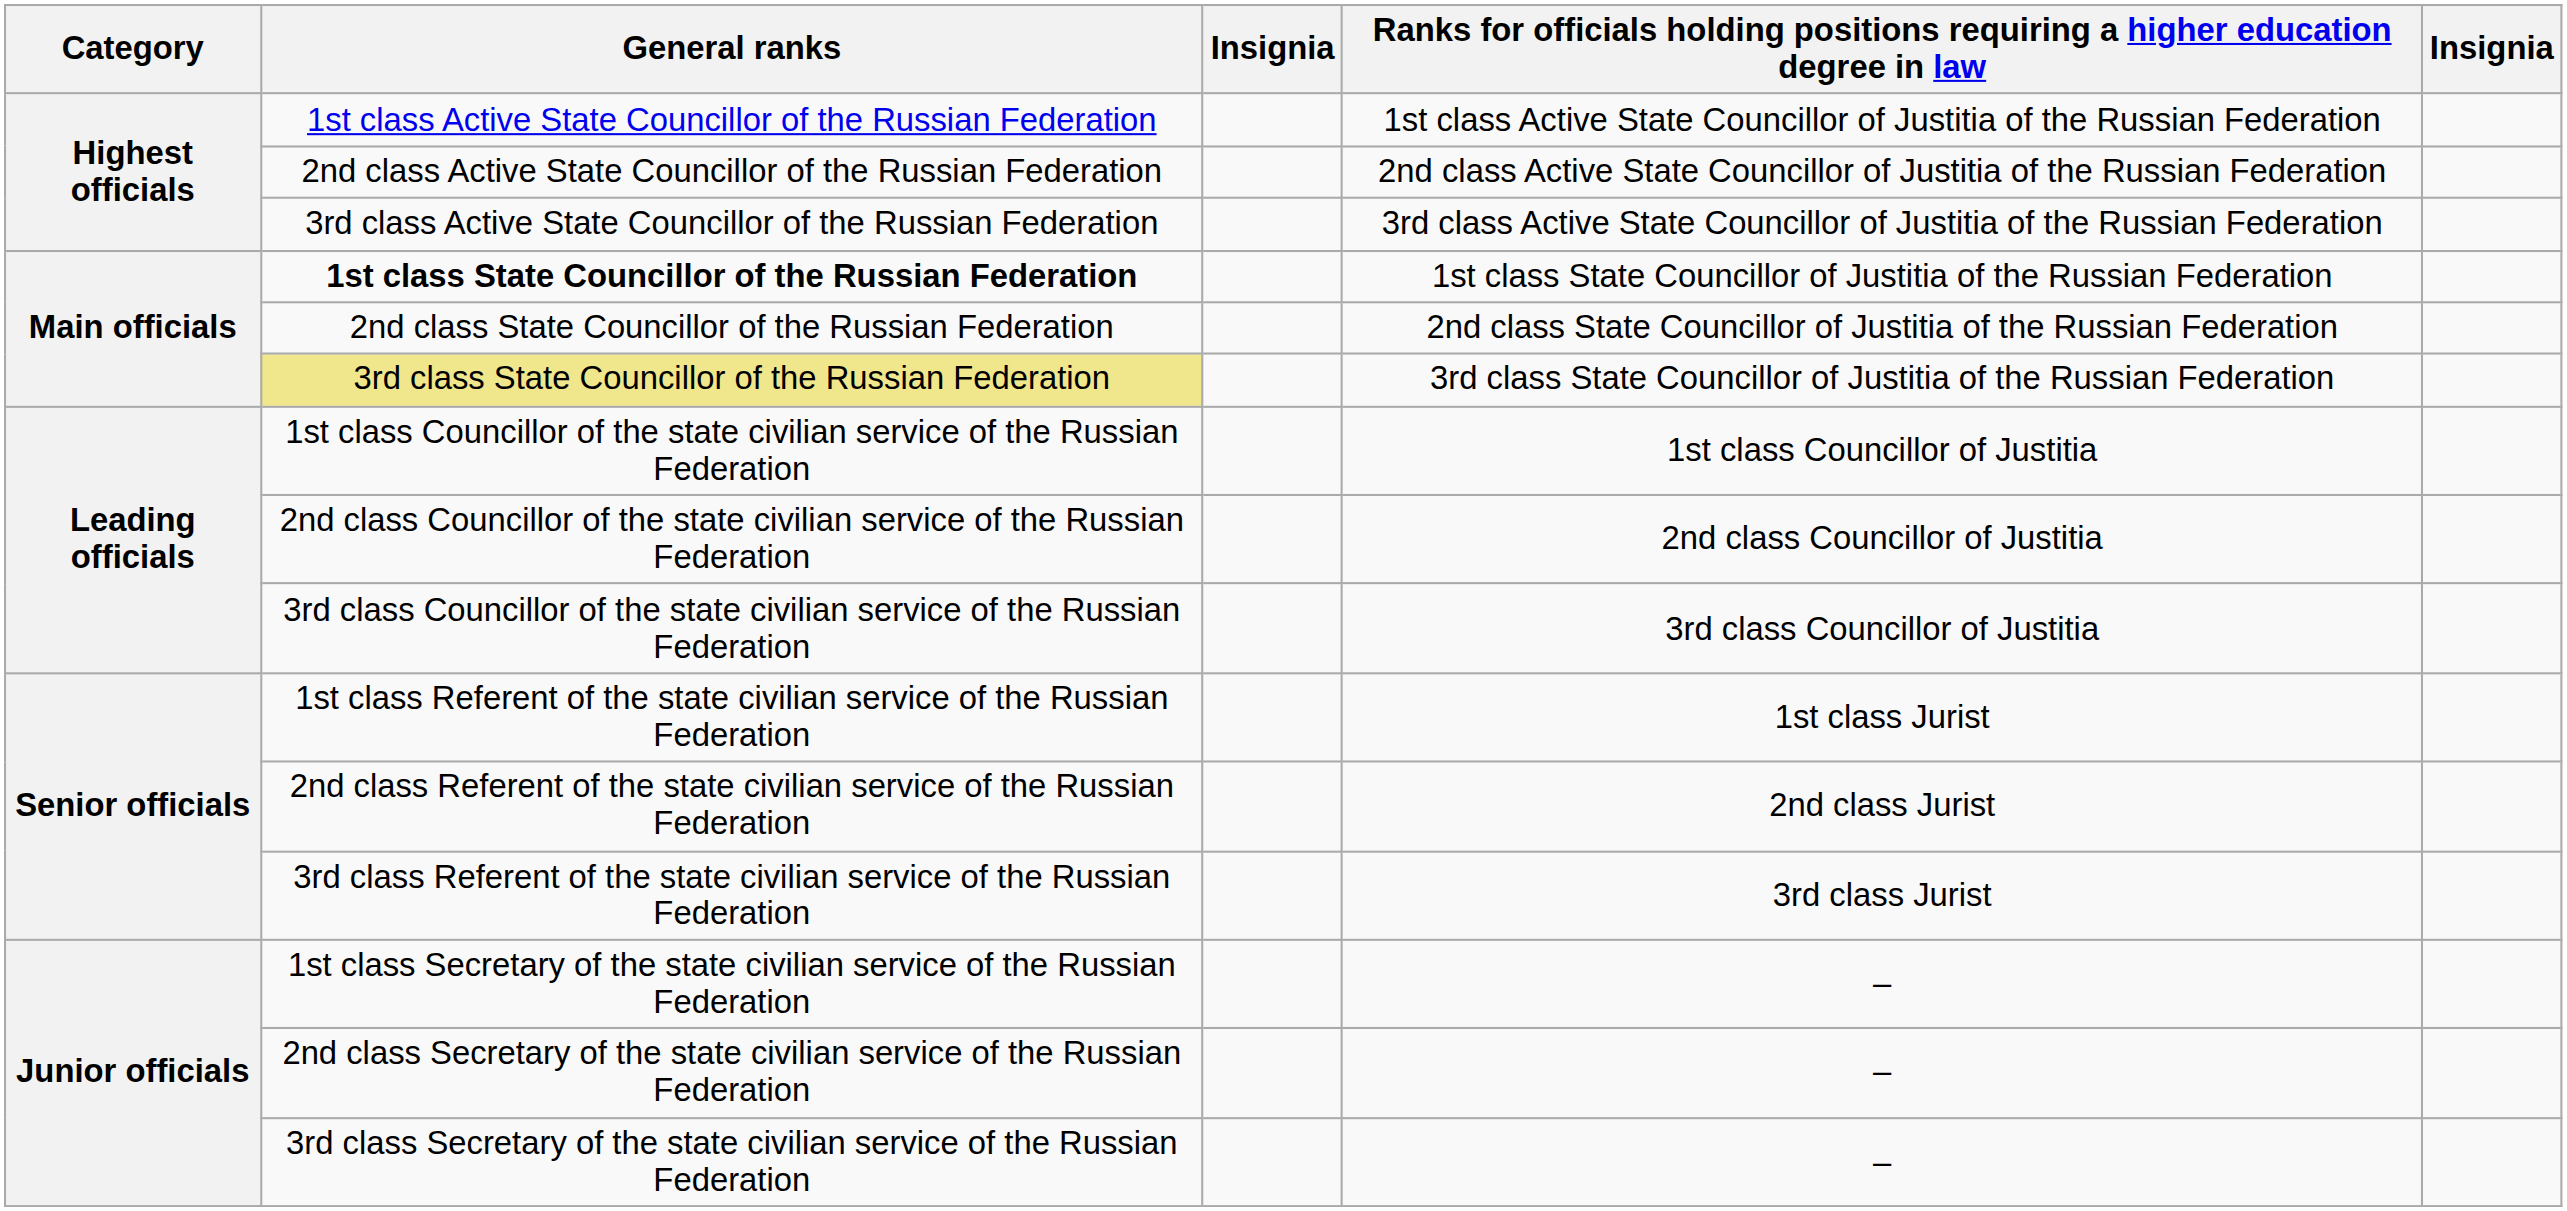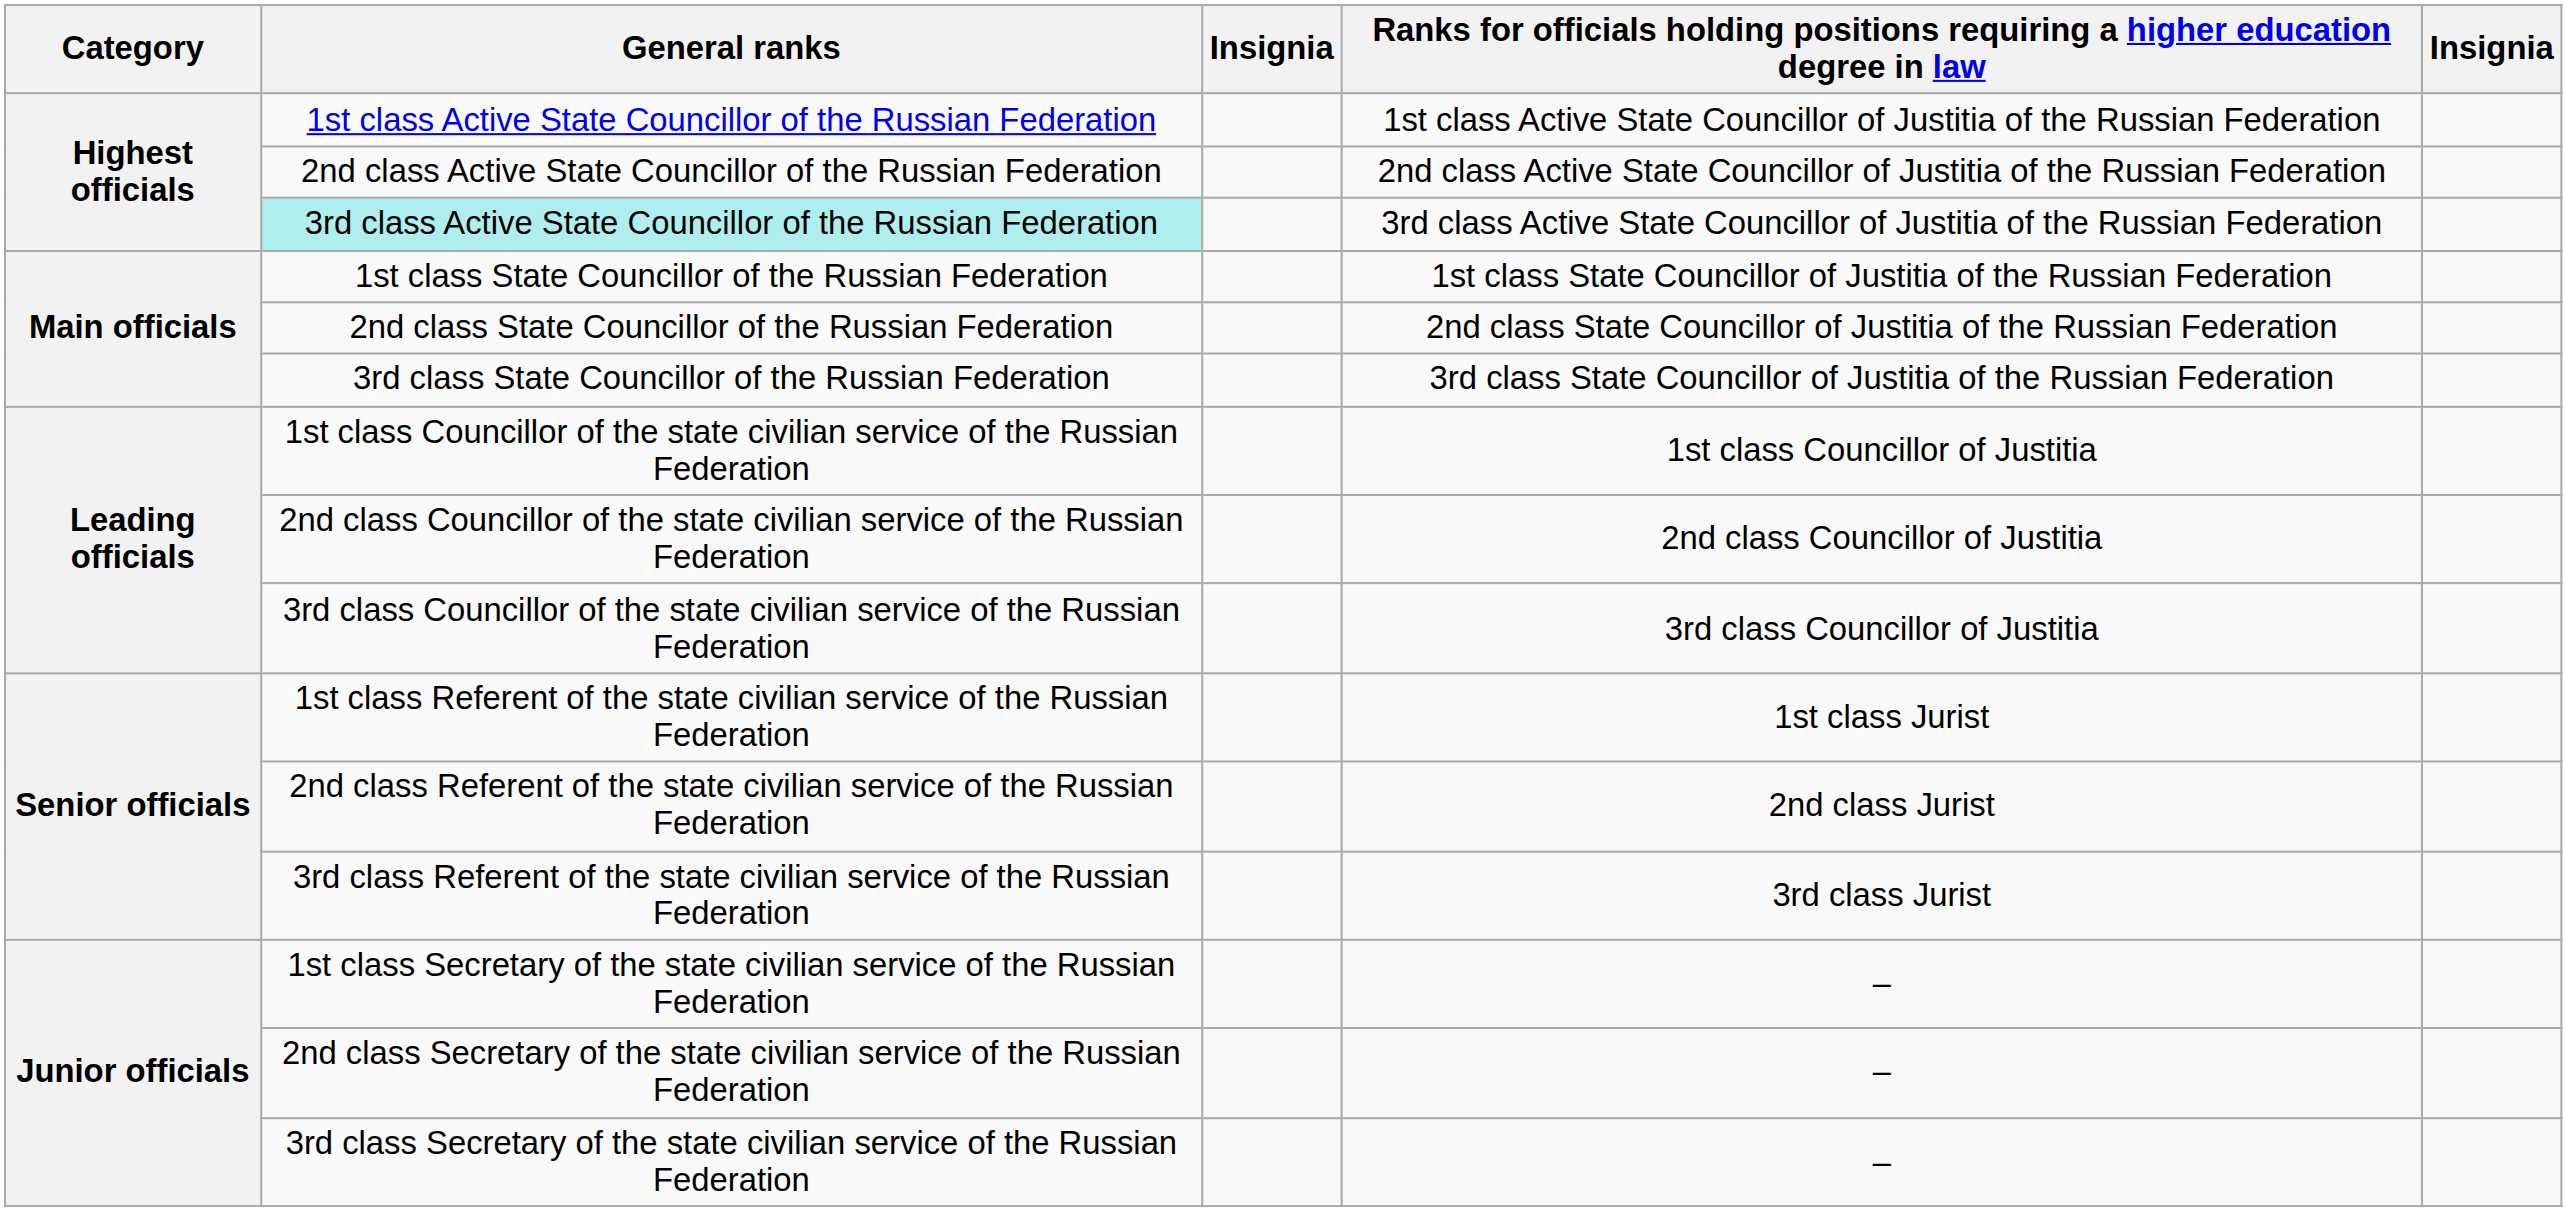 <table class="wikitable" style="text-align:center;">
 <tr>
 <th>Category</th>
 <th>General ranks</th>
 <th>Insignia</th>
 <th>Ranks for officials holding positions requiring a <a href='#'>higher education</a> degree in <a href='#'>law</a></th>
 <th>Insignia</th>
 </tr>
 <tr>
 <th rowspan=3>Highest officials</th>
 <td><a href='#'>1st class Active State Councillor of the Russian Federation</a></td>
 <td></td>
 <td>1st class Active State Councillor of Justitia of the Russian Federation</td>
 <td></td>
 </tr>
 <tr>
 <td>2nd class Active State Councillor of the Russian Federation</td>
 <td></td>
 <td>2nd class Active State Councillor of Justitia of the Russian Federation</td>
 <td></td>
 </tr>
 <tr>
-<td>3rd class Active State Councillor of the Russian Federation</td>
+<td style="background: paleturquoise;">3rd class Active State Councillor of the Russian Federation</td>
 <td></td>
 <td>3rd class Active State Councillor of Justitia of the Russian Federation</td>
 <td></td>
 </tr>
 <tr>
 <th rowspan=3>Main officials</th>
-<td><strong>1st class State Councillor of the Russian Federation</strong></td>
+<td>1st class State Councillor of the Russian Federation</td>
 <td></td>
 <td>1st class State Councillor of Justitia of the Russian Federation</td>
 <td></td>
 </tr>
 <tr>
 <td>2nd class State Councillor of the Russian Federation</td>
 <td></td>
 <td>2nd class State Councillor of Justitia of the Russian Federation</td>
 <td></td>
 </tr>
 <tr>
-<td style="background: khaki;">3rd class State Councillor of the Russian Federation</td>
+<td>3rd class State Councillor of the Russian Federation</td>
 <td></td>
 <td>3rd class State Councillor of Justitia of the Russian Federation</td>
 <td></td>
 </tr>
 <tr>
 <th rowspan=3>Leading officials</th>
 <td>1st class Councillor of the state civilian service of the Russian Federation</td>
 <td></td>
 <td>1st class Councillor of Justitia</td>
 <td></td>
 </tr>
 <tr>
 <td>2nd class Councillor of the state civilian service of the Russian Federation</td>
 <td></td>
 <td>2nd class Councillor of Justitia</td>
 <td></td>
 </tr>
 <tr>
 <td>3rd class Councillor of the state civilian service of the Russian Federation</td>
 <td></td>
 <td>3rd class Councillor of Justitia</td>
 <td></td>
 </tr>
 <tr>
 <th rowspan=3>Senior officials</th>
 <td>1st class Referent of the state civilian service of the Russian Federation</td>
 <td></td>
 <td>1st class Jurist</td>
 <td></td>
 </tr>
 <tr>
 <td>2nd class Referent of the state civilian service of the Russian Federation</td>
 <td></td>
 <td>2nd class Jurist</td>
 <td></td>
 </tr>
 <tr>
 <td>3rd class Referent of the state civilian service of the Russian Federation</td>
 <td></td>
 <td>3rd class Jurist</td>
 <td></td>
 </tr>
 <tr>
 <th rowspan=3>Junior officials</th>
 <td>1st class Secretary of the state civilian service of the Russian Federation</td>
 <td></td>
 <td>–</td>
 <td></td>
 </tr>
 <tr>
 <td>2nd class Secretary of the state civilian service of the Russian Federation</td>
 <td></td>
 <td>–</td>
 <td></td>
 </tr>
 <tr>
 <td>3rd class Secretary of the state civilian service of the Russian Federation</td>
 <td></td>
 <td>–</td>
 <td></td>
 </tr>
 <tr>
 </tr>
 </table>
